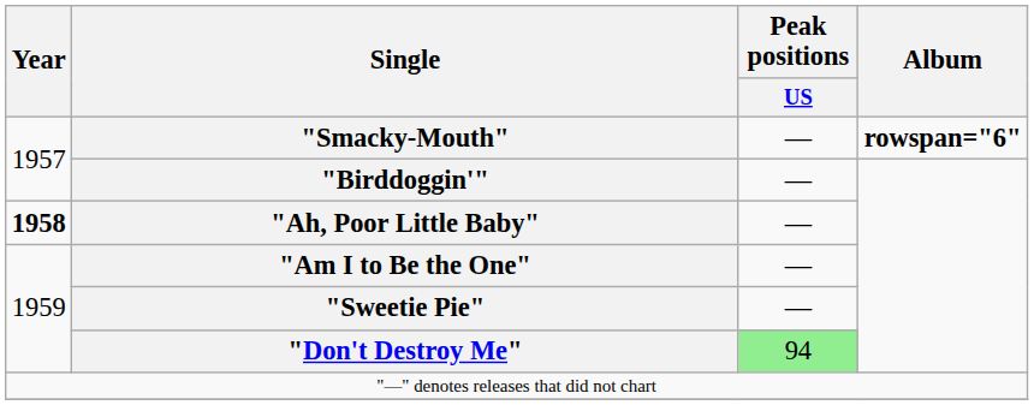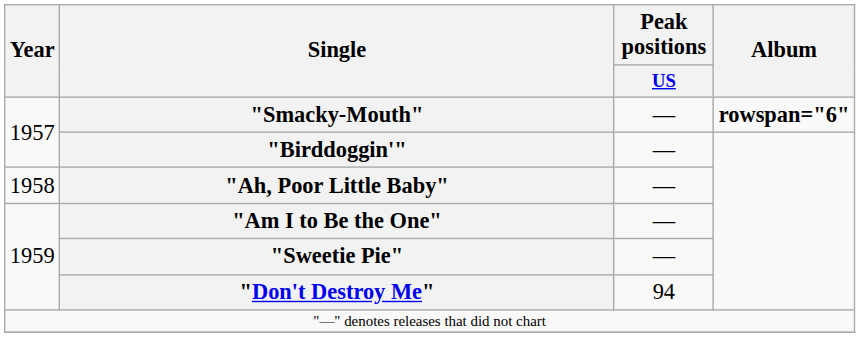 <table class="wikitable plainrowheaders" style="text-align:center;">
 <tr>
 <th rowspan="2">Year</th>
 <th rowspan="2" style="width:26em;">Single</th>
 <th>Peak positions</th>
 <th rowspan="2">Album</th>
 </tr>
 <tr style="font-size:smaller;">
 <th width="65"><a href='#'>US</a></th>
 </tr>
 <tr>
 <td rowspan="2">1957</td>
 <th scope="row">"Smacky-Mouth"</th>
 <td>—</td>
 <td><strong>rowspan="6" </strong></td>
 </tr>
 <tr>
 <th scope="row">"Birddoggin'"</th>
 <td>—</td>
 </tr>
 <tr>
-<td><strong>1958</strong></td>
+<td>1958</td>
 <th scope="row">"Ah, Poor Little Baby"</th>
 <td>—</td>
 </tr>
 <tr>
 <td rowspan="3">1959</td>
 <th scope="row">"Am I to Be the One"</th>
 <td>—</td>
 </tr>
 <tr>
 <th scope="row">"Sweetie Pie"</th>
 <td>—</td>
 </tr>
 <tr>
 <th scope="row">"<a href='#'>Don't Destroy Me</a>"</th>
-<td style="background: lightgreen;">94</td>
+<td>94</td>
 </tr>
 <tr>
 <td colspan="4" style="font-size: 8pt">"—" denotes releases that did not chart</td>
 </tr>
 <tr>
 </tr>
 </table>
